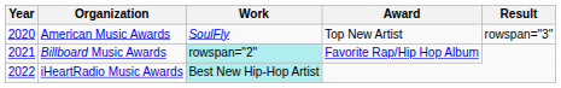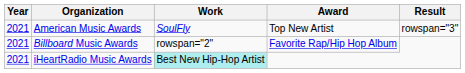 <table class="wikitable">
 <tr>
 <th>Year</th>
 <th>Organization</th>
 <th>Work</th>
 <th>Award</th>
 <th>Result</th>
 </tr>
 <tr>
-<td><a href='#'>2020</a></td>
+<td><a href='#'>2021</a></td>
 <td><a href='#'>American Music Awards</a></td>
 <td><em><a href='#'>SoulFly</a></em></td>
 <td>Top New Artist</td>
 <td>rowspan="3" </td>
 </tr>
 <tr>
 <td><a href='#'>2021</a></td>
 <td><a href='#'><em>Billboard</em> Music Awards</a></td>
-<td style="background: paleturquoise;">rowspan="2" </td>
+<td>rowspan="2" </td>
 <td><a href='#'>Favorite Rap/Hip Hop Album</a></td>
 </tr>
 <tr>
-<td><a href='#'>2022</a></td>
+<td><a href='#'>2021</a></td>
 <td><a href='#'>iHeartRadio Music Awards</a></td>
 <td style="background: paleturquoise;">Best New Hip-Hop Artist</td>
 </tr>
 </table>
